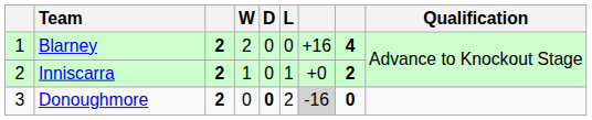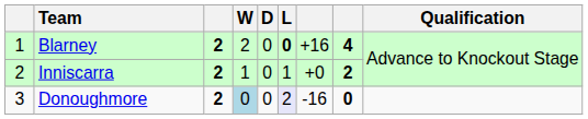 <table class="wikitable" style="text-align:center">
 <tr>
 <th width="20"></th>
 <th width="150" style="text-align:left;">Team</th>
 <th width="20"></th>
 <th>W</th>
 <th>D</th>
 <th>L</th>
 <th width="20"></th>
 <th width="20"></th>
 <th>Qualification</th>
 </tr>
 <tr style="background:#ccffcc">
 <td>1</td>
 <td align="left"> <a href='#'>Blarney</a></td>
 <td><strong>2</strong></td>
 <td>2</td>
 <td>0</td>
-<td>0</td>
+<td><strong>0</strong></td>
 <td>+16</td>
 <td><strong>4</strong></td>
 <td rowspan="2">Advance to Knockout Stage</td>
 </tr>
 <tr style="background:#ccffcc">
 <td>2</td>
 <td align="left"> <a href='#'>Inniscarra</a></td>
 <td><strong>2</strong></td>
 <td>1</td>
 <td>0</td>
 <td>1</td>
 <td>+0</td>
 <td><strong>2</strong></td>
 </tr>
 <tr>
 <td>3</td>
 <td align="left"> <a href='#'>Donoughmore</a></td>
 <td><strong>2</strong></td>
+<td style="background: lightblue;">0</td>
 <td>0</td>
-<td><strong>0</strong></td>
-<td>2</td>
-<td style="background: lightgrey;">-16</td>
+<td style="background: lavender;">2</td>
+<td>-16</td>
 <td><strong>0</strong></td>
 <td></td>
 </tr>
 </table>
